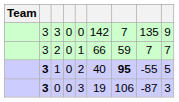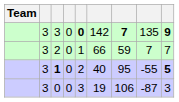 <table class="wikitable" style="text-align: center;">
 <tr>
 <th>Team</th>
 <th></th>
 <th></th>
 <th></th>
 <th></th>
 <th></th>
 <th></th>
 <th></th>
 <th></th>
 </tr>
 <tr bgcolor="ccffcc">
 <td align="left"></td>
 <td>3</td>
 <td>3</td>
 <td>0</td>
-<td>0</td>
+<td><strong>0</strong></td>
 <td>142</td>
-<td>7</td>
+<td><strong>7</strong></td>
 <td>135</td>
-<td>9</td>
+<td><strong>9</strong></td>
 </tr>
 <tr bgcolor="ccffcc">
 <td align="left"></td>
 <td>3</td>
 <td>2</td>
 <td>0</td>
 <td>1</td>
 <td>66</td>
 <td>59</td>
 <td>7</td>
 <td>7</td>
 </tr>
 <tr bgcolor="ccccff">
 <td align="left"></td>
-<td><strong>3</strong></td>
-<td>1</td>
+<td>3</td>
+<td><strong>1</strong></td>
 <td>0</td>
 <td>2</td>
 <td>40</td>
-<td><strong>95</strong></td>
+<td>95</td>
 <td>-55</td>
-<td>5</td>
+<td><strong>5</strong></td>
 </tr>
 <tr bgcolor="ccccff">
 <td align="left"></td>
-<td><strong>3</strong></td>
+<td>3</td>
 <td>0</td>
 <td>0</td>
 <td>3</td>
 <td>19</td>
 <td>106</td>
 <td>-87</td>
 <td>3</td>
 </tr>
 </table>
